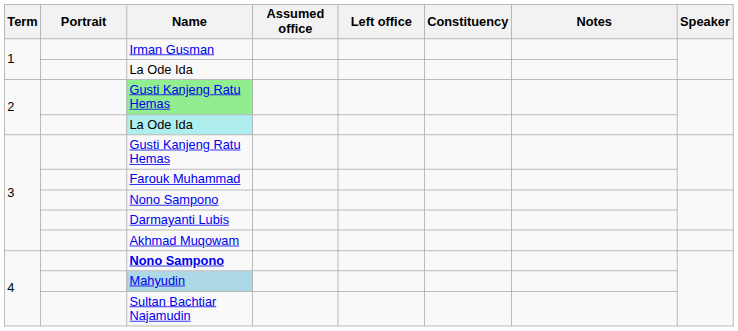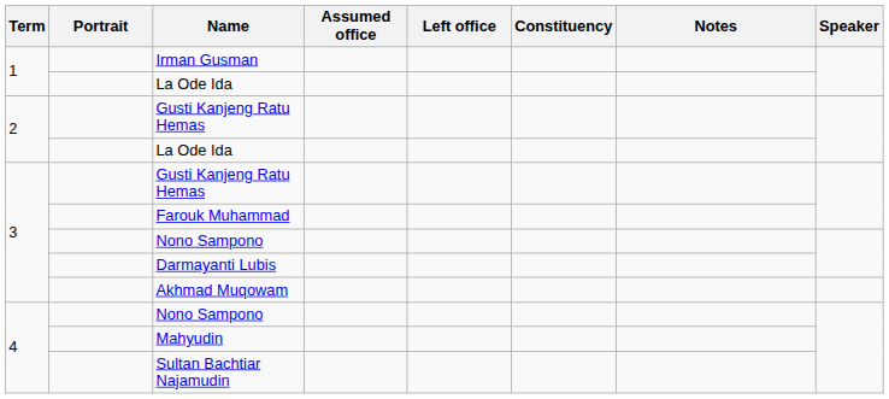 <table class="wikitable">
 <tr>
 <th width=10>Term</th>
 <th width=100>Portrait</th>
 <th width=150>Name</th>
 <th width=100>Assumed office</th>
 <th width=100>Left office</th>
 <th width=100>Constituency</th>
 <th width=200>Notes</th>
 <th>Speaker</th>
 </tr>
 <tr>
 <td rowspan="2">1</td>
 <td></td>
 <td><a href='#'>Irman Gusman</a></td>
 <td></td>
 <td></td>
 <td></td>
 <td></td>
 <td rowspan="2"></td>
 </tr>
 <tr>
 <td></td>
 <td>La Ode Ida</td>
 <td></td>
 <td></td>
 <td></td>
 <td></td>
 </tr>
 <tr>
 <td rowspan="2">2</td>
 <td></td>
-<td style="background: lightgreen;"><a href='#'>Gusti Kanjeng Ratu Hemas</a></td>
+<td><a href='#'>Gusti Kanjeng Ratu Hemas</a></td>
 <td></td>
 <td></td>
 <td></td>
 <td></td>
 <td rowspan="2"></td>
 </tr>
 <tr>
 <td></td>
-<td style="background: paleturquoise;">La Ode Ida</td>
+<td>La Ode Ida</td>
 <td></td>
 <td></td>
 <td></td>
 <td></td>
 </tr>
 <tr>
 <td rowspan="5">3</td>
 <td></td>
 <td><a href='#'>Gusti Kanjeng Ratu Hemas</a></td>
 <td></td>
 <td></td>
 <td></td>
 <td></td>
 <td rowspan="2"></td>
 </tr>
 <tr>
 <td></td>
 <td><a href='#'>Farouk Muhammad</a></td>
 <td></td>
 <td></td>
 <td></td>
 <td></td>
 </tr>
 <tr>
 <td></td>
 <td><a href='#'>Nono Sampono</a></td>
 <td></td>
 <td></td>
 <td></td>
 <td></td>
 <td rowspan="2"></td>
 </tr>
 <tr>
 <td></td>
 <td><a href='#'>Darmayanti Lubis</a></td>
 <td></td>
 <td></td>
 <td></td>
 <td></td>
 </tr>
 <tr>
 <td></td>
 <td><a href='#'>Akhmad Muqowam</a></td>
 <td></td>
 <td></td>
 <td></td>
 <td></td>
 <td></td>
 </tr>
 <tr>
 <td rowspan="3">4</td>
 <td></td>
-<td><strong><a href='#'>Nono Sampono</a></strong></td>
+<td><a href='#'>Nono Sampono</a></td>
 <td></td>
 <td></td>
 <td></td>
 <td></td>
 <td rowspan="3"></td>
 </tr>
 <tr>
 <td></td>
-<td style="background: lightblue;"><a href='#'>Mahyudin</a></td>
+<td><a href='#'>Mahyudin</a></td>
 <td></td>
 <td></td>
 <td></td>
 <td></td>
 </tr>
 <tr>
 <td></td>
 <td><a href='#'>Sultan Bachtiar Najamudin</a></td>
 <td></td>
 <td></td>
 <td></td>
 <td></td>
 </tr>
 </table>
